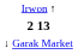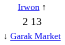 <table style="text-align: center; margin-left: 1.5em;">
 <tr>
 <td><small><a href='#'>Irwon</a> ↑</small></td>
 </tr>
 <tr>
-<td><strong><span>2</span>   <span>13</span> </strong></td>
+<td><span>2</span>   <span>13</span> </td>
 </tr>
 <tr>
 <td><small>↓ <a href='#'>Garak Market</a></small></td>
 </tr>
 </table>
